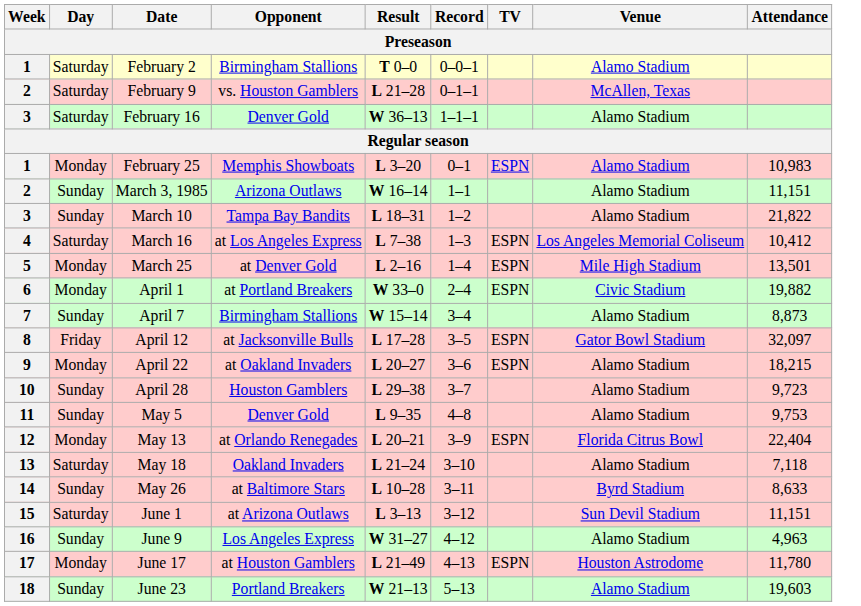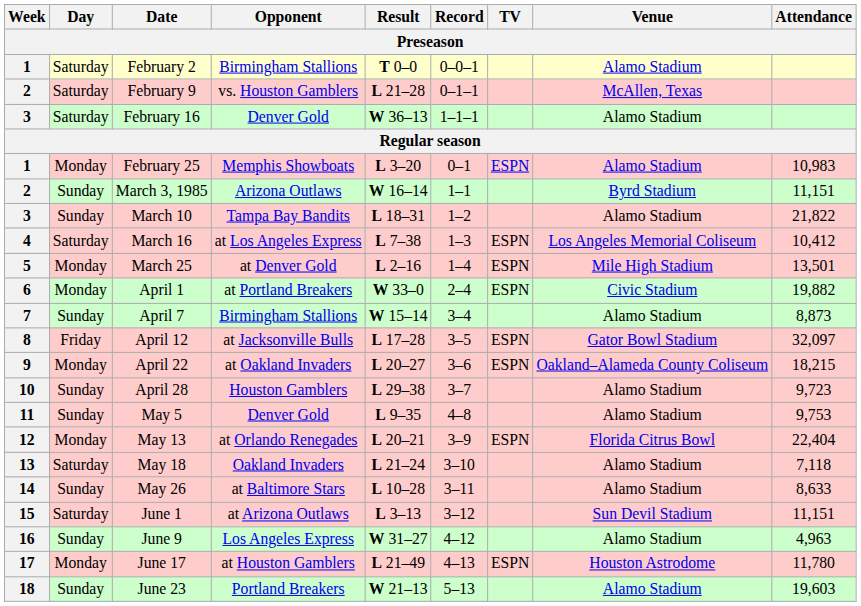 <table class="wikitable" style="text-align:center">
 <tr>
 <th>Week</th>
 <th>Day</th>
 <th>Date</th>
 <th>Opponent</th>
 <th>Result</th>
 <th>Record</th>
 <th>TV</th>
 <th>Venue</th>
 <th>Attendance</th>
 </tr>
 <tr>
 <th colspan="9">Preseason</th>
 </tr>
 <tr style="background:#ffc">
 <th>1</th>
 <td>Saturday</td>
 <td>February 2</td>
 <td><a href='#'>Birmingham Stallions</a></td>
 <td><strong>T</strong> 0–0</td>
 <td>0–0–1</td>
 <td></td>
 <td><a href='#'>Alamo Stadium</a></td>
 <td></td>
 </tr>
 <tr style="background:#fcc">
 <th>2</th>
 <td>Saturday</td>
 <td>February 9</td>
 <td>vs. <a href='#'>Houston Gamblers</a></td>
 <td><strong>L</strong> 21–28</td>
 <td>0–1–1</td>
 <td></td>
 <td><a href='#'>McAllen, Texas</a></td>
 <td></td>
 </tr>
 <tr style="background:#cfc">
 <th>3</th>
 <td>Saturday</td>
 <td>February 16</td>
 <td><a href='#'>Denver Gold</a></td>
 <td><strong>W</strong> 36–13</td>
 <td>1–1–1</td>
 <td></td>
 <td>Alamo Stadium</td>
 <td></td>
 </tr>
 <tr>
 <th colspan="9">Regular season</th>
 </tr>
 <tr style="background:#fcc">
 <th>1</th>
 <td>Monday</td>
 <td>February 25</td>
 <td><a href='#'>Memphis Showboats</a></td>
 <td><strong>L</strong> 3–20</td>
 <td>0–1</td>
 <td><a href='#'>ESPN</a></td>
 <td><a href='#'>Alamo Stadium</a></td>
 <td>10,983</td>
 </tr>
 <tr style="background:#cfc">
 <th>2</th>
 <td>Sunday</td>
 <td>March 3, 1985</td>
 <td><a href='#'>Arizona Outlaws</a></td>
 <td><strong>W</strong> 16–14</td>
 <td>1–1</td>
 <td></td>
-<td>Alamo Stadium</td>
+<td><a href='#'>Byrd Stadium</a></td>
 <td>11,151</td>
 </tr>
 <tr style="background:#fcc">
 <th>3</th>
 <td>Sunday</td>
 <td>March 10</td>
 <td><a href='#'>Tampa Bay Bandits</a></td>
 <td><strong>L</strong> 18–31</td>
 <td>1–2</td>
 <td></td>
 <td>Alamo Stadium</td>
 <td>21,822</td>
 </tr>
 <tr style="background:#fcc">
 <th>4</th>
 <td>Saturday</td>
 <td>March 16</td>
 <td>at <a href='#'>Los Angeles Express</a></td>
 <td><strong>L</strong> 7–38</td>
 <td>1–3</td>
 <td>ESPN</td>
 <td><a href='#'>Los Angeles Memorial Coliseum</a></td>
 <td>10,412</td>
 </tr>
 <tr style="background:#fcc">
 <th>5</th>
 <td>Monday</td>
 <td>March 25</td>
 <td>at <a href='#'>Denver Gold</a></td>
 <td><strong>L</strong> 2–16</td>
 <td>1–4</td>
 <td>ESPN</td>
 <td><a href='#'>Mile High Stadium</a></td>
 <td>13,501</td>
 </tr>
 <tr style="background:#cfc">
 <th>6</th>
 <td>Monday</td>
 <td>April 1</td>
 <td>at <a href='#'>Portland Breakers</a></td>
 <td><strong>W</strong> 33–0</td>
 <td>2–4</td>
 <td>ESPN</td>
 <td><a href='#'>Civic Stadium</a></td>
 <td>19,882</td>
 </tr>
 <tr style="background:#cfc">
 <th>7</th>
 <td>Sunday</td>
 <td>April 7</td>
 <td><a href='#'>Birmingham Stallions</a></td>
 <td><strong>W</strong> 15–14</td>
 <td>3–4</td>
 <td></td>
 <td>Alamo Stadium</td>
 <td>8,873</td>
 </tr>
 <tr style="background:#fcc">
 <th>8</th>
 <td>Friday</td>
 <td>April 12</td>
 <td>at <a href='#'>Jacksonville Bulls</a></td>
 <td><strong>L</strong> 17–28</td>
 <td>3–5</td>
 <td>ESPN</td>
 <td><a href='#'>Gator Bowl Stadium</a></td>
 <td>32,097</td>
 </tr>
 <tr style="background:#fcc">
 <th>9</th>
 <td>Monday</td>
 <td>April 22</td>
 <td>at <a href='#'>Oakland Invaders</a></td>
 <td><strong>L</strong> 20–27</td>
 <td>3–6</td>
 <td>ESPN</td>
-<td>Alamo Stadium</td>
+<td><a href='#'>Oakland–Alameda County Coliseum</a></td>
 <td>18,215</td>
 </tr>
 <tr style="background:#fcc">
 <th>10</th>
 <td>Sunday</td>
 <td>April 28</td>
 <td><a href='#'>Houston Gamblers</a></td>
 <td><strong>L</strong> 29–38</td>
 <td>3–7</td>
 <td></td>
 <td>Alamo Stadium</td>
 <td>9,723</td>
 </tr>
 <tr style="background:#fcc">
 <th>11</th>
 <td>Sunday</td>
 <td>May 5</td>
 <td><a href='#'>Denver Gold</a></td>
 <td><strong>L</strong> 9–35</td>
 <td>4–8</td>
 <td></td>
 <td>Alamo Stadium</td>
 <td>9,753</td>
 </tr>
 <tr style="background:#fcc">
 <th>12</th>
 <td>Monday</td>
 <td>May 13</td>
 <td>at <a href='#'>Orlando Renegades</a></td>
 <td><strong>L</strong> 20–21</td>
 <td>3–9</td>
 <td>ESPN</td>
 <td><a href='#'>Florida Citrus Bowl</a></td>
 <td>22,404</td>
 </tr>
 <tr style="background:#fcc">
 <th>13</th>
 <td>Saturday</td>
 <td>May 18</td>
 <td><a href='#'>Oakland Invaders</a></td>
 <td><strong>L</strong> 21–24</td>
 <td>3–10</td>
 <td></td>
 <td>Alamo Stadium</td>
 <td>7,118</td>
 </tr>
 <tr style="background:#fcc">
 <th>14</th>
 <td>Sunday</td>
 <td>May 26</td>
 <td>at <a href='#'>Baltimore Stars</a></td>
 <td><strong>L</strong> 10–28</td>
 <td>3–11</td>
 <td></td>
-<td><a href='#'>Byrd Stadium</a></td>
+<td>Alamo Stadium</td>
 <td>8,633</td>
 </tr>
 <tr style="background:#fcc">
 <th>15</th>
 <td>Saturday</td>
 <td>June 1</td>
 <td>at <a href='#'>Arizona Outlaws</a></td>
 <td><strong>L</strong> 3–13</td>
 <td>3–12</td>
 <td></td>
 <td><a href='#'>Sun Devil Stadium</a></td>
 <td>11,151</td>
 </tr>
 <tr style="background:#cfc">
 <th>16</th>
 <td>Sunday</td>
 <td>June 9</td>
 <td><a href='#'>Los Angeles Express</a></td>
 <td><strong>W</strong> 31–27</td>
 <td>4–12</td>
 <td></td>
 <td>Alamo Stadium</td>
 <td>4,963</td>
 </tr>
 <tr style="background:#fcc">
 <th>17</th>
 <td>Monday</td>
 <td>June 17</td>
 <td>at <a href='#'>Houston Gamblers</a></td>
 <td><strong>L</strong> 21–49</td>
 <td>4–13</td>
 <td>ESPN</td>
 <td><a href='#'>Houston Astrodome</a></td>
 <td>11,780</td>
 </tr>
 <tr style="background:#cfc">
 <th>18</th>
 <td>Sunday</td>
 <td>June 23</td>
 <td><a href='#'>Portland Breakers</a></td>
 <td><strong>W</strong> 21–13</td>
 <td>5–13</td>
 <td></td>
 <td><a href='#'>Alamo Stadium</a></td>
 <td>19,603</td>
 </tr>
 </table>
